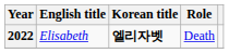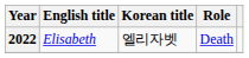 <table class="wikitable plainrowheaders">
 <tr>
 <th scope="col">Year</th>
 <th scope="col">English title</th>
 <th scope="col">Korean title</th>
 <th scope="col">Role</th>
 <th scope="col" class="unsortable"></th>
 </tr>
 <tr>
 <th scope="row">2022</th>
 <td><em><a href='#'>Elisabeth</a></em></td>
-<td><strong>엘리자벳</strong></td>
+<td>엘리자벳</td>
 <td><a href='#'>Death</a></td>
 <td></td>
 </tr>
 <tr>
 </tr>
 </table>
